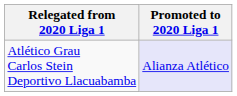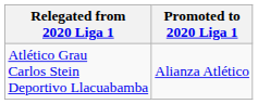 <table class="wikitable">
 <tr>
 <th>Relegated from<br><a href='#'>2020 Liga 1</a></th>
 <th>Promoted to<br><a href='#'>2020 Liga 1</a></th>
 </tr>
 <tr>
 <td> <a href='#'>Atlético Grau</a> <br> <a href='#'>Carlos Stein</a> <br> <a href='#'>Deportivo Llacuabamba</a> </td>
-<td style="background: lavender;"> <a href='#'>Alianza Atlético</a> </td>
+<td> <a href='#'>Alianza Atlético</a> </td>
 </tr>
 </table>
